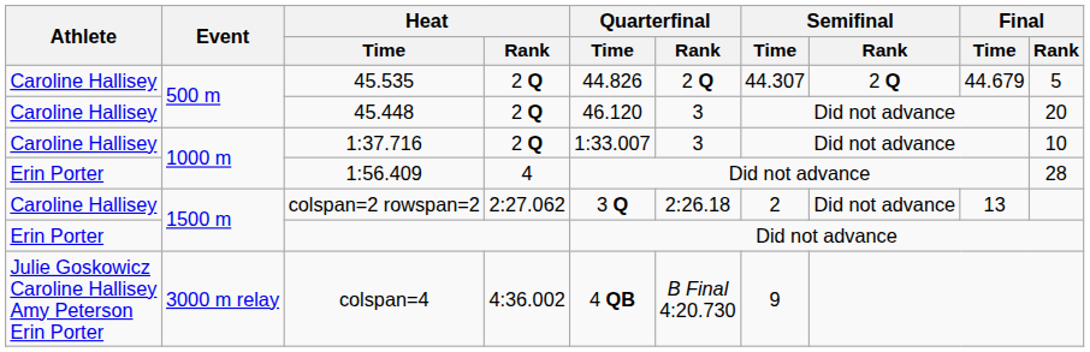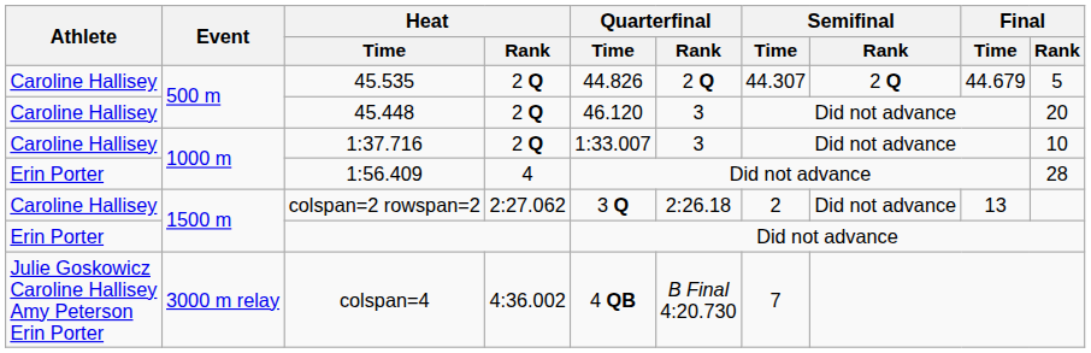 <table class=wikitable style=font-size:90%;text-align:center>
 <tr>
 <th rowspan=2>Athlete</th>
 <th rowspan=2>Event</th>
 <th colspan=2>Heat</th>
 <th colspan=2>Quarterfinal</th>
 <th colspan=2>Semifinal</th>
 <th colspan=2>Final</th>
 </tr>
 <tr style=font-size:95%>
 <th>Time</th>
 <th>Rank</th>
 <th>Time</th>
 <th>Rank</th>
 <th>Time</th>
 <th>Rank</th>
 <th>Time</th>
 <th>Rank</th>
 </tr>
 <tr>
 <td align=left><a href='#'>Caroline Hallisey</a></td>
 <td align=left rowspan=2><a href='#'>500 m</a></td>
 <td>45.535</td>
 <td>2 <strong>Q</strong></td>
 <td>44.826</td>
 <td>2 <strong>Q</strong></td>
 <td>44.307</td>
 <td>2 <strong>Q</strong></td>
 <td>44.679</td>
 <td>5</td>
 </tr>
 <tr>
 <td align=left><a href='#'>Caroline Hallisey</a></td>
 <td>45.448</td>
 <td>2 <strong>Q</strong></td>
 <td>46.120</td>
 <td>3</td>
 <td colspan=3>Did not advance</td>
 <td>20</td>
 </tr>
 <tr>
 <td align=left><a href='#'>Caroline Hallisey</a></td>
 <td align=left rowspan=2><a href='#'>1000 m</a></td>
 <td>1:37.716</td>
 <td>2 <strong>Q</strong></td>
 <td>1:33.007</td>
 <td>3</td>
 <td colspan=3>Did not advance</td>
 <td>10</td>
 </tr>
 <tr>
 <td align=left><a href='#'>Erin Porter</a></td>
 <td>1:56.409</td>
 <td>4</td>
 <td colspan=5>Did not advance</td>
 <td>28</td>
 </tr>
 <tr>
 <td align=left><a href='#'>Caroline Hallisey</a></td>
 <td align=left rowspan=2><a href='#'>1500 m</a></td>
 <td>colspan=2 rowspan=2 </td>
 <td>2:27.062</td>
 <td>3 <strong>Q</strong></td>
 <td>2:26.18</td>
 <td>2</td>
 <td>Did not advance</td>
 <td>13</td>
 </tr>
 <tr>
 <td align=left><a href='#'>Erin Porter</a></td>
 <td colspan=2></td>
 <td colspan=6>Did not advance</td>
 </tr>
 <tr>
 <td align=left><a href='#'>Julie Goskowicz</a><br><a href='#'>Caroline Hallisey</a><br><a href='#'>Amy Peterson</a><br><a href='#'>Erin Porter</a></td>
 <td align=left><a href='#'>3000 m relay</a></td>
 <td>colspan=4 </td>
 <td>4:36.002</td>
 <td>4 <strong>QB</strong></td>
 <td><em>B Final</em> <br> 4:20.730</td>
-<td>9</td>
+<td>7</td>
 </tr>
 </table>
